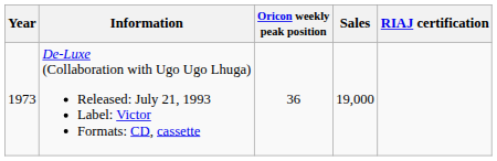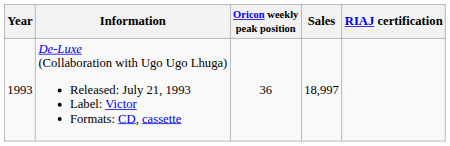 <table class="wikitable">
 <tr>
 <th>Year</th>
 <th>Information</th>
 <th><small><a href='#'>Oricon</a> weekly<br>peak position</small></th>
 <th>Sales<br></th>
 <th><a href='#'>RIAJ</a> certification</th>
 </tr>
 <tr>
-<td>1973</td>
+<td>1993</td>
 <td><em><a href='#'>De-Luxe</a></em><br>(Collaboration with Ugo Ugo Lhuga)<br><ul><li>Released: July 21, 1993</li><li>Label: <a href='#'>Victor</a></li><li>Formats: <a href='#'>CD</a>, <a href='#'>cassette</a></li></ul></td>
 <td style="text-align:center;">36</td>
-<td align="left">19,000</td>
+<td align="left">18,997</td>
 <td align="left"></td>
 </tr>
 </table>
